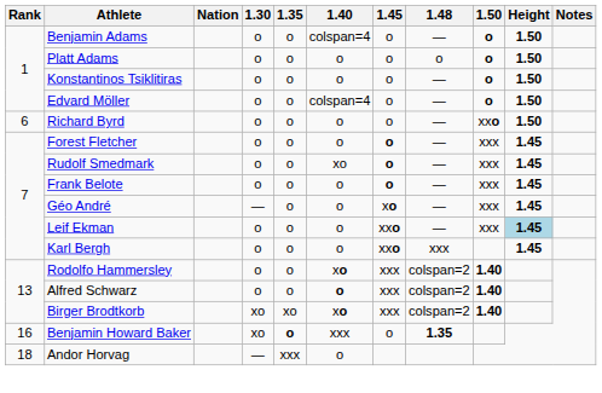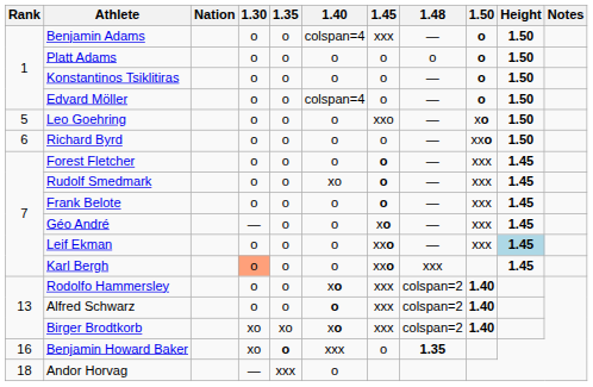 <table class="wikitable sortable" style="text-align:center;">
 <tr>
 <th>Rank</th>
 <th>Athlete</th>
 <th>Nation</th>
 <th>1.30</th>
 <th>1.35</th>
 <th>1.40</th>
 <th>1.45</th>
 <th>1.48</th>
 <th>1.50</th>
 <th>Height</th>
 <th>Notes</th>
 </tr>
 <tr>
 <td rowspan=4>1</td>
 <td align=left><a href='#'>Benjamin Adams</a></td>
 <td align=left></td>
 <td>o</td>
 <td>o</td>
 <td>colspan=4 </td>
-<td>o</td>
+<td>xxx</td>
 <td>—</td>
 <td><strong>o</strong></td>
 <td><strong>1.50</strong></td>
 <td></td>
 </tr>
 <tr>
 <td align=left><a href='#'>Platt Adams</a></td>
 <td align=left></td>
 <td>o</td>
 <td>o</td>
 <td>o</td>
 <td>o</td>
 <td>o</td>
 <td><strong>o</strong></td>
 <td><strong>1.50</strong></td>
 <td></td>
 </tr>
 <tr>
 <td align=left><a href='#'>Konstantinos Tsiklitiras</a></td>
 <td align=left></td>
 <td>o</td>
 <td>o</td>
 <td>o</td>
 <td>o</td>
 <td>—</td>
 <td><strong>o</strong></td>
 <td><strong>1.50</strong></td>
 <td></td>
 </tr>
 <tr>
 <td align=left><a href='#'>Edvard Möller</a></td>
 <td align=left></td>
 <td>o</td>
 <td>o</td>
 <td>colspan=4 </td>
 <td>o</td>
 <td>—</td>
 <td><strong>o</strong></td>
+<td><strong>1.50</strong></td>
+<td></td>
+</tr>
+<tr>
+<td>5</td>
+<td align=left><a href='#'>Leo Goehring</a></td>
+<td align=left></td>
+<td>o</td>
+<td>o</td>
+<td>o</td>
+<td>xxo</td>
+<td>—</td>
+<td>x<strong>o</strong></td>
 <td><strong>1.50</strong></td>
 <td></td>
 </tr>
 <tr>
 <td>6</td>
 <td align=left><a href='#'>Richard Byrd</a></td>
 <td align=left></td>
 <td>o</td>
 <td>o</td>
 <td>o</td>
 <td>o</td>
 <td>—</td>
 <td>xx<strong>o</strong></td>
 <td><strong>1.50</strong></td>
 <td></td>
 </tr>
 <tr>
 <td rowspan=6>7</td>
 <td align=left><a href='#'>Forest Fletcher</a></td>
 <td align=left></td>
 <td>o</td>
 <td>o</td>
 <td>o</td>
 <td><strong>o</strong></td>
 <td>—</td>
 <td>xxx</td>
 <td><strong>1.45</strong></td>
 <td></td>
 </tr>
 <tr>
 <td align=left><a href='#'>Rudolf Smedmark</a></td>
 <td align=left></td>
 <td>o</td>
 <td>o</td>
 <td>xo</td>
 <td><strong>o</strong></td>
 <td>—</td>
 <td>xxx</td>
 <td><strong>1.45</strong></td>
 <td></td>
 </tr>
 <tr>
 <td align=left><a href='#'>Frank Belote</a></td>
 <td align=left></td>
 <td>o</td>
 <td>o</td>
 <td>o</td>
 <td><strong>o</strong></td>
 <td>—</td>
 <td>xxx</td>
 <td><strong>1.45</strong></td>
 <td></td>
 </tr>
 <tr>
 <td align=left><a href='#'>Géo André</a></td>
 <td align=left></td>
 <td>—</td>
 <td>o</td>
 <td>o</td>
 <td>x<strong>o</strong></td>
 <td>—</td>
 <td>xxx</td>
 <td><strong>1.45</strong></td>
 <td></td>
 </tr>
 <tr>
 <td align=left><a href='#'>Leif Ekman</a></td>
 <td align=left></td>
 <td>o</td>
 <td>o</td>
 <td>o</td>
 <td>xx<strong>o</strong></td>
 <td>—</td>
 <td>xxx</td>
 <td style="background: lightblue;"><strong>1.45</strong></td>
 <td></td>
 </tr>
 <tr>
 <td align=left><a href='#'>Karl Bergh</a></td>
 <td align=left></td>
-<td>o</td>
+<td style="background: lightsalmon;">o</td>
 <td>o</td>
 <td>o</td>
 <td>xx<strong>o</strong></td>
 <td>xxx</td>
 <td></td>
 <td><strong>1.45</strong></td>
 <td></td>
 </tr>
 <tr>
 <td rowspan=3>13</td>
 <td align=left><a href='#'>Rodolfo Hammersley</a></td>
 <td align=left></td>
 <td>o</td>
 <td>o</td>
 <td>x<strong>o</strong></td>
 <td>xxx</td>
 <td>colspan=2 </td>
 <td><strong>1.40</strong></td>
 <td></td>
 </tr>
 <tr>
 <td align=left>Alfred Schwarz</td>
 <td align=left></td>
 <td>o</td>
 <td>o</td>
 <td><strong>o</strong></td>
 <td>xxx</td>
 <td>colspan=2 </td>
 <td><strong>1.40</strong></td>
 <td></td>
 </tr>
 <tr>
 <td align=left><a href='#'>Birger Brodtkorb</a></td>
 <td align=left></td>
 <td>xo</td>
 <td>xo</td>
 <td>x<strong>o</strong></td>
 <td>xxx</td>
 <td>colspan=2 </td>
 <td><strong>1.40</strong></td>
 <td></td>
 </tr>
 <tr>
 <td>16</td>
 <td align=left><a href='#'>Benjamin Howard Baker</a></td>
 <td align=left></td>
 <td>xo</td>
 <td><strong>o</strong></td>
 <td>xxx</td>
 <td>o</td>
 <td><strong>1.35</strong></td>
 <td></td>
 </tr>
 <tr>
 <td>18</td>
 <td align=left>Andor Horvag</td>
 <td align=left></td>
 <td>—</td>
 <td>xxx</td>
 <td>o</td>
 <td></td>
 <td></td>
 </tr>
 </table>
